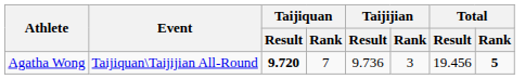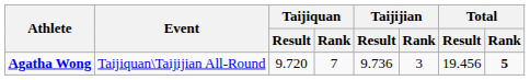 <table class=wikitable style="font-size:90%">
 <tr>
 <th rowspan="2">Athlete</th>
 <th rowspan="2">Event</th>
 <th colspan="2">Taijiquan</th>
 <th colspan="2">Taijijian</th>
 <th colspan="2">Total</th>
 </tr>
 <tr>
 <th>Result</th>
 <th>Rank</th>
 <th>Result</th>
 <th>Rank</th>
 <th>Result</th>
 <th>Rank</th>
 </tr>
 <tr>
-<td><a href='#'>Agatha Wong</a></td>
+<td><strong><a href='#'>Agatha Wong</a></strong></td>
 <td rowspan=2><a href='#'>Taijiquan\Taijijian All-Round</a></td>
-<td align=center><strong>9.720</strong></td>
+<td align=center>9.720</td>
 <td align=center>7</td>
 <td align=center>9.736</td>
 <td align=center>3</td>
 <td align=center>19.456</td>
 <td align=center><strong>5</strong></td>
 </tr>
 </table>
